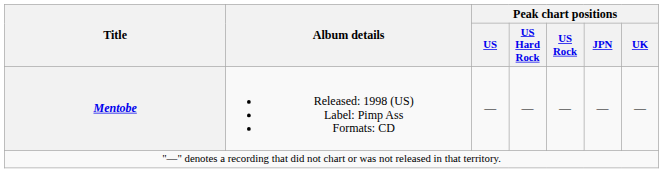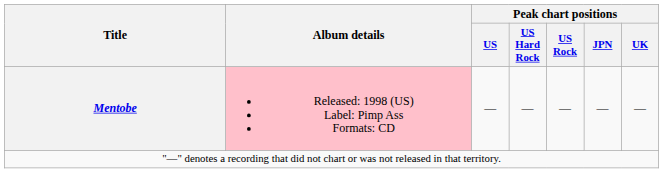 <table class="wikitable plainrowheaders" style="text-align:center;">
 <tr>
 <th scope="col" rowspan="2" style="width:18em;">Title</th>
 <th scope="col" rowspan="2" style="width:20em;">Album details</th>
 <th scope="col" colspan="5">Peak chart positions</th>
 </tr>
 <tr>
 <th scope="col" style="width:3em;font-size:90%;"><a href='#'>US</a><br></th>
 <th scope="col" style="width:3em;font-size:90%;"><a href='#'>US<br>Hard Rock</a><br></th>
 <th scope="col" style="width:3em;font-size:90%;"><a href='#'>US<br>Rock</a><br></th>
 <th scope="col" style="width:3em;font-size:90%;"><a href='#'>JPN</a><br></th>
 <th scope="col" style="width:3em;font-size:90%;"><a href='#'>UK</a><br></th>
 </tr>
 <tr>
 <th scope="row"><em><a href='#'>Mentobe</a></em></th>
-<td><br><ul><li>Released: 1998 <span>(US)</span></li><li>Label: Pimp Ass</li><li>Formats: CD</li></ul></td>
+<td style="background: pink;"><br><ul><li>Released: 1998 <span>(US)</span></li><li>Label: Pimp Ass</li><li>Formats: CD</li></ul></td>
 <td>—</td>
 <td>—</td>
 <td>—</td>
 <td>—</td>
 <td>—</td>
 </tr>
 <tr>
 <td colspan="10" style="font-size:90%">"—" denotes a recording that did not chart or was not released in that territory.</td>
 </tr>
 </table>
